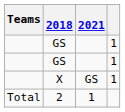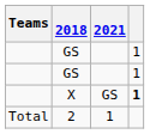 <table class="wikitable" style="font-size:95%; text-align: center;">
 <tr>
 <th>Teams</th>
 <th><br><a href='#'>2018</a></th>
 <th><br><a href='#'>2021</a></th>
 <th></th>
 </tr>
 <tr>
 <td align="left"></td>
 <td>GS</td>
 <td></td>
 <td>1</td>
 </tr>
 <tr>
 <td align="left"></td>
 <td>GS</td>
 <td></td>
 <td>1</td>
 </tr>
 <tr>
 <td align="left"></td>
 <td>X</td>
 <td>GS</td>
-<td>1</td>
+<td><strong>1</strong></td>
 </tr>
 <tr>
 <td align="left">Total</td>
 <td>2</td>
 <td>1</td>
 </tr>
 </table>
